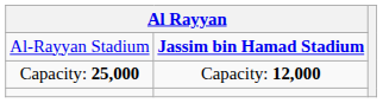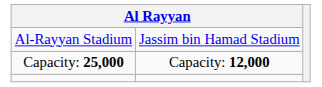 <table class="wikitable" style="text-align:center;margin:1em auto;">
 <tr>
 <th colspan="2"><a href='#'>Al Rayyan</a></th>
 <th rowspan="4"></th>
 </tr>
 <tr>
 <td><a href='#'>Al-Rayyan Stadium</a></td>
-<td><strong><a href='#'>Jassim bin Hamad Stadium</a></strong></td>
+<td><a href='#'>Jassim bin Hamad Stadium</a></td>
 </tr>
 <tr>
 <td>Capacity: <strong>25,000</strong></td>
 <td>Capacity: <strong>12,000</strong></td>
 </tr>
 <tr>
 <td></td>
 <td></td>
 </tr>
 </table>
